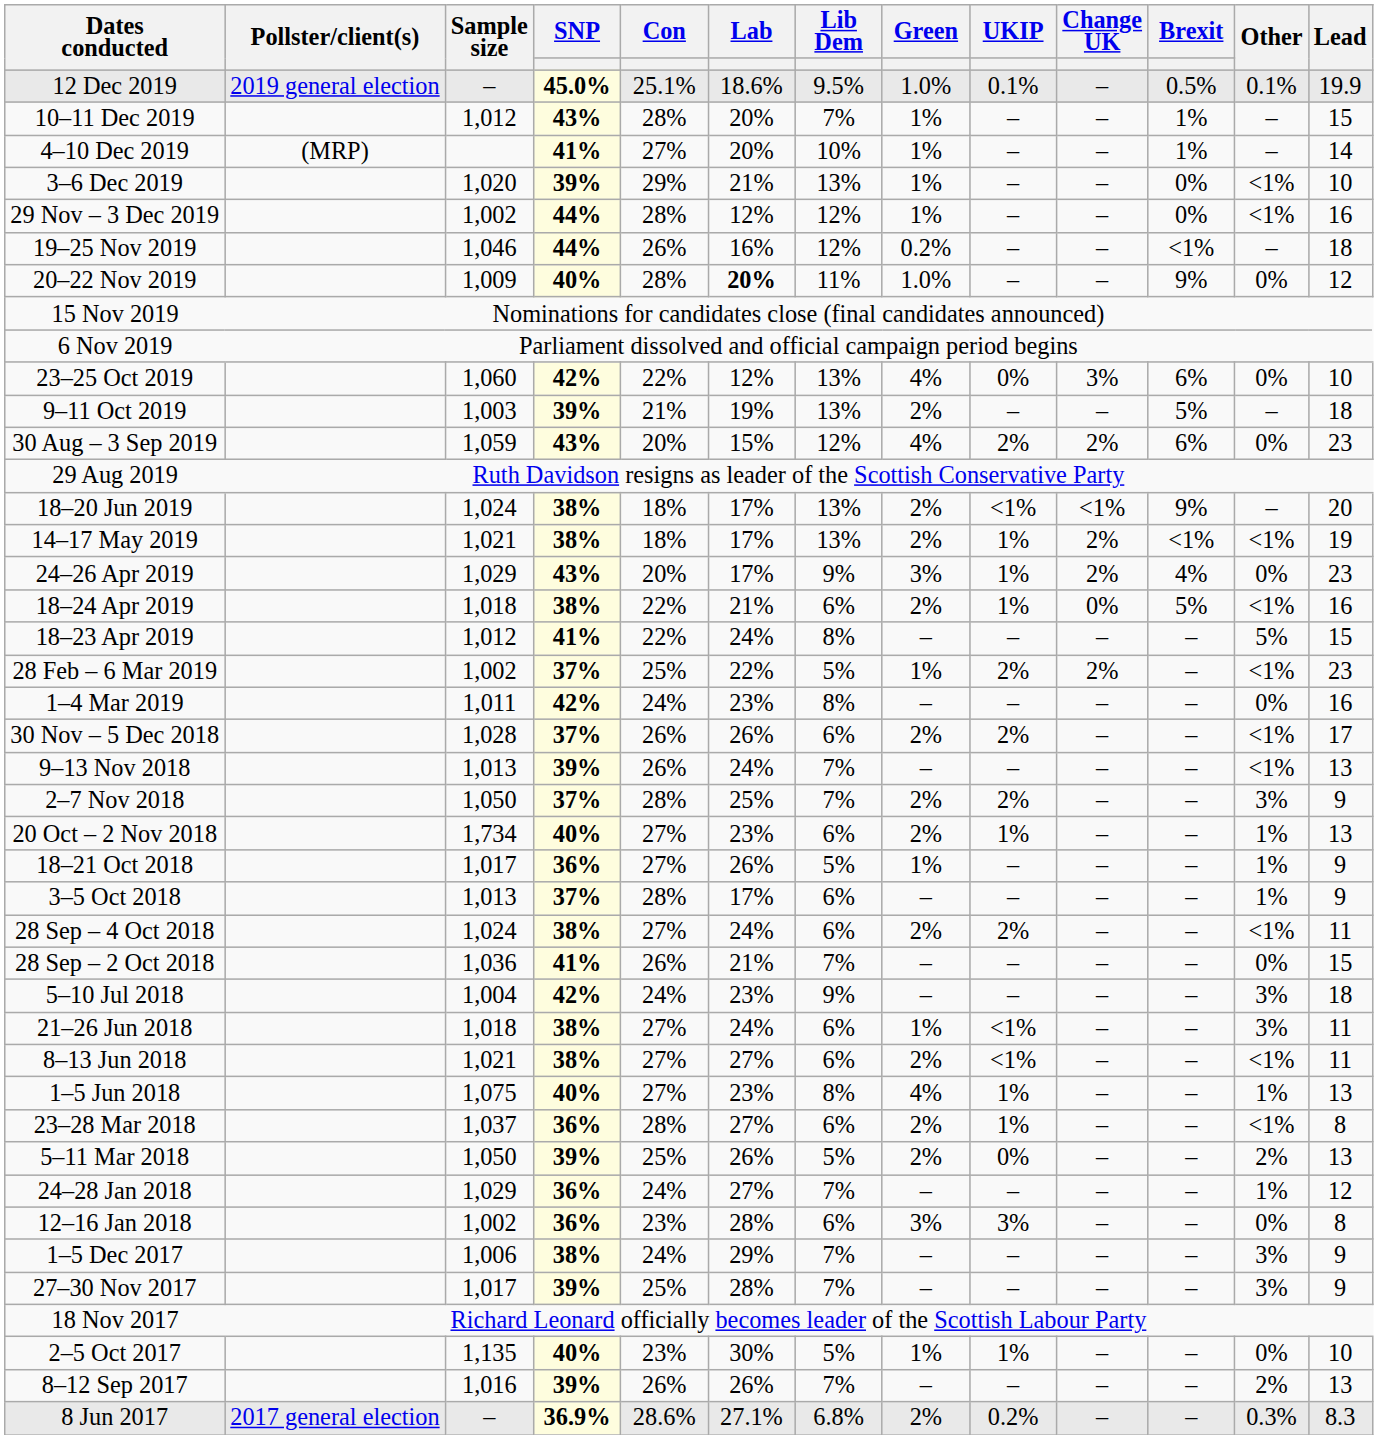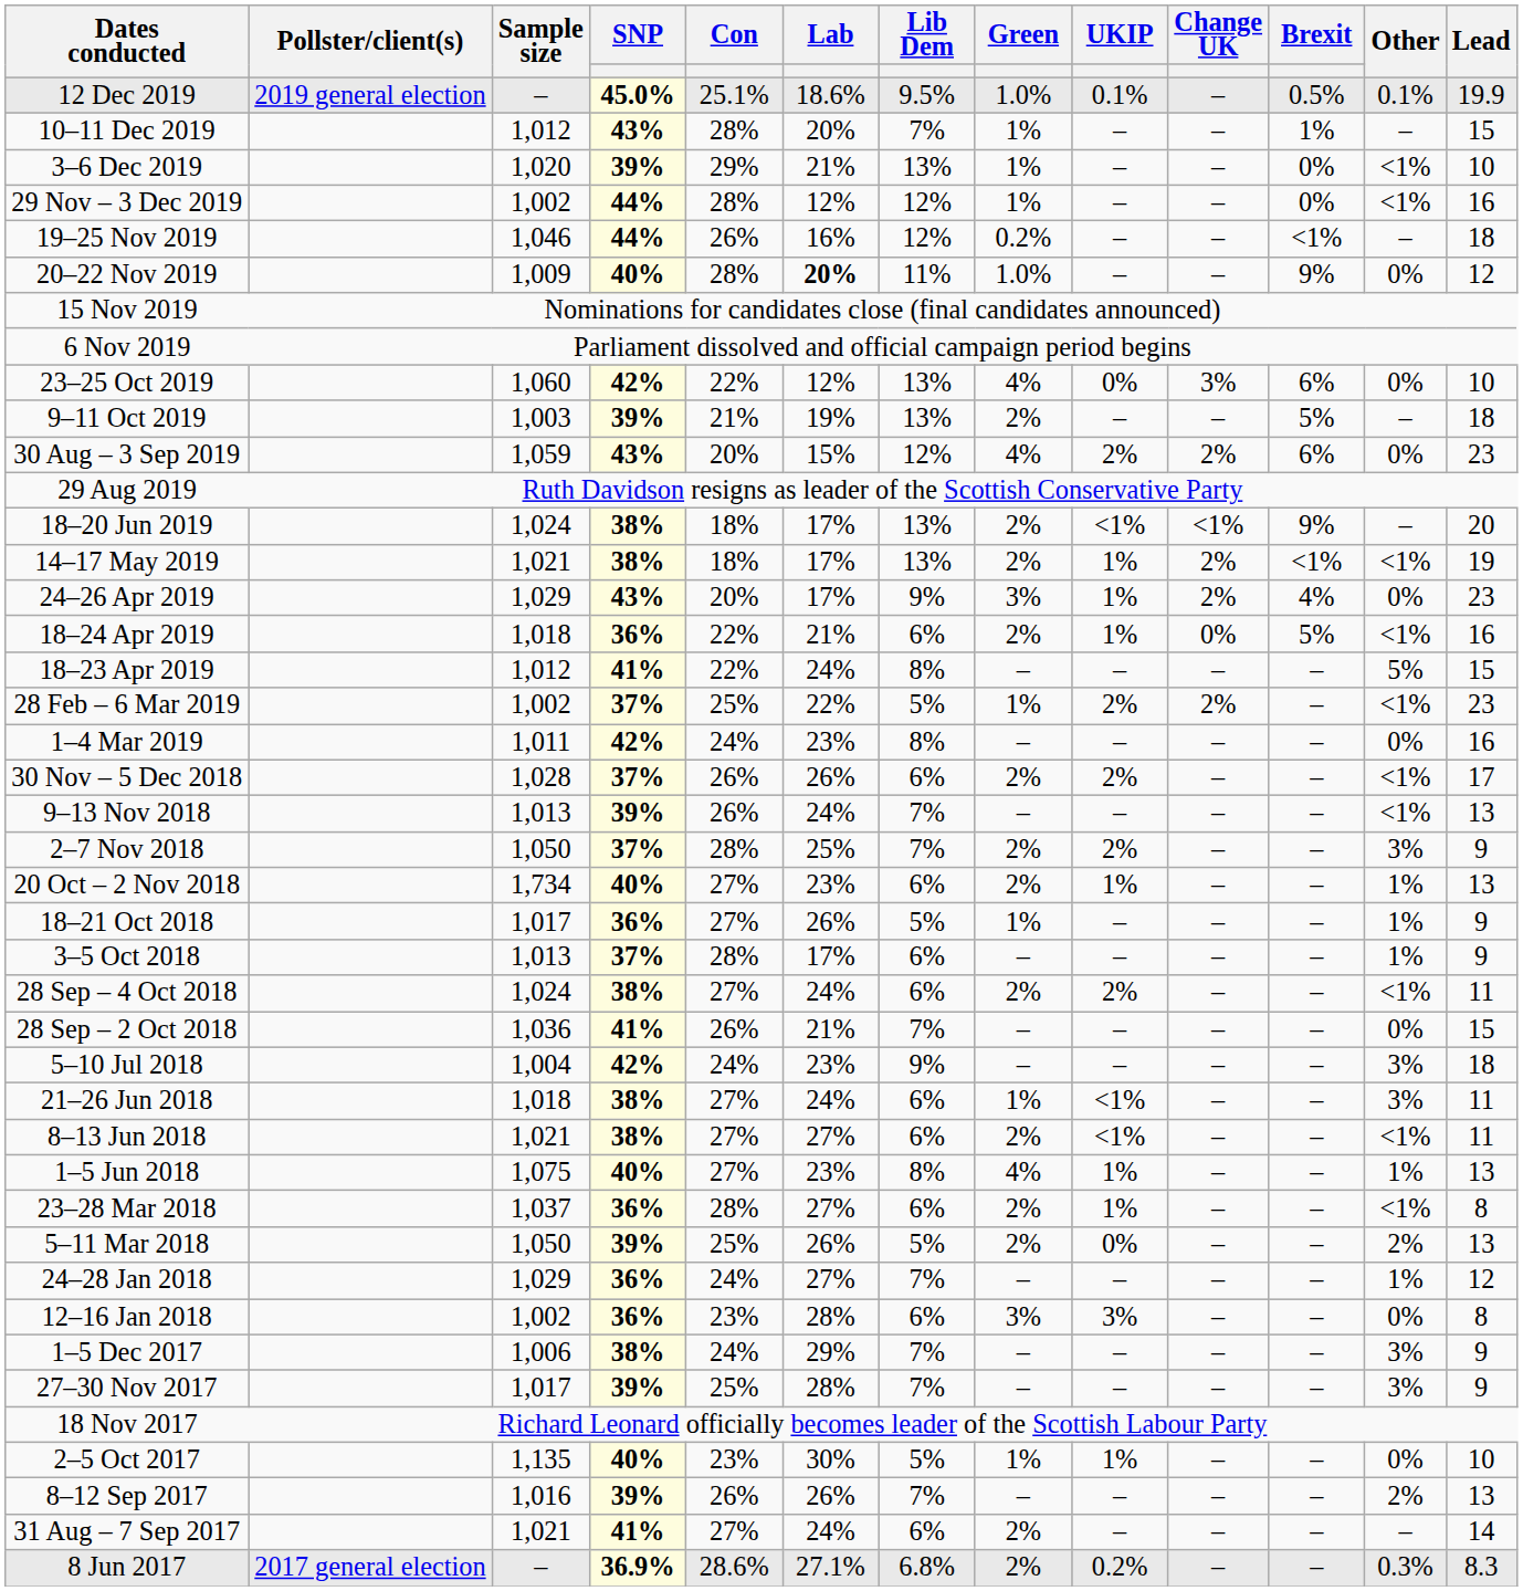 <table class="wikitable sortable mw-datatable" style="text-align:center;line-height:14px;">
 <tr>
 <th rowspan="2">Dates<br>conducted</th>
 <th rowspan="2">Pollster/client(s)</th>
 <th data-sort-type="number" rowspan="2">Sample<br>size</th>
 <th class="unsortable" style="width:50px;"><a href='#'>SNP</a></th>
 <th class="unsortable" style="width:50px;"><a href='#'>Con</a></th>
 <th class="unsortable" style="width:50px;"><a href='#'>Lab</a></th>
 <th class="unsortable" style="width:50px;"><a href='#'>Lib Dem</a></th>
 <th class="unsortable" style="width:50px;"><a href='#'>Green</a></th>
 <th class="unsortable" style="width:50px;"><a href='#'>UKIP</a></th>
 <th class="unsortable" style="width:50px;"><a href='#'>Change UK</a></th>
 <th class="unsortable" style="width:50px;"><a href='#'>Brexit</a></th>
 <th class="unsortable" rowspan="2">Other</th>
 <th data-sort-type="number" rowspan="2">Lead</th>
 </tr>
 <tr>
 <th data-sort-type="number" style="background:"></th>
 <th data-sort-type="number" style="background:"></th>
 <th data-sort-type="number" style="background:"></th>
 <th data-sort-type="number" style="background:"></th>
 <th data-sort-type="number" style="background:"></th>
 <th data-sort-type="number" style="background:"></th>
 <th data-sort-type="number" style="background:"></th>
 <th data-sort-type="number" style="background:"></th>
 </tr>
 <tr style="background:#E9E9E9;">
 <td data-sort-value="2017-06-08">12 Dec 2019</td>
 <td><a href='#'>2019 general election</a></td>
 <td>–</td>
 <td style="background:#FEFDDE;"><strong>45.0%</strong></td>
 <td>25.1%</td>
 <td>18.6%</td>
 <td>9.5%</td>
 <td>1.0%</td>
 <td>0.1%</td>
 <td>–</td>
 <td>0.5%</td>
 <td>0.1%</td>
 <td style="background:">19.9</td>
 </tr>
 <tr>
 <td data-sort-value="2019-12-11">10–11 Dec 2019</td>
 <td></td>
 <td>1,012</td>
 <td style="background:#FEFDDE;"><strong>43%</strong></td>
 <td>28%</td>
 <td>20%</td>
 <td>7%</td>
 <td>1%</td>
 <td>–</td>
 <td>–</td>
 <td>1%</td>
 <td>–</td>
 <td style="background:">15</td>
-</tr>
-<tr>
-<td data-sort-value="2019-12-10">4–10 Dec 2019</td>
-<td> (MRP)</td>
-<td></td>
-<td style="background:#FEFDDE;"><strong>41%</strong></td>
-<td>27%</td>
-<td>20%</td>
-<td>10%</td>
-<td>1%</td>
-<td>–</td>
-<td>–</td>
-<td>1%</td>
-<td>–</td>
-<td style="background:">14</td>
 </tr>
 <tr>
 <td data-sort-value="2019-12-06">3–6 Dec 2019</td>
 <td></td>
 <td>1,020</td>
 <td style="background:#FEFDDE;"><strong>39%</strong></td>
 <td>29%</td>
 <td>21%</td>
 <td>13%</td>
 <td>1%</td>
 <td>–</td>
 <td>–</td>
 <td>0%</td>
 <td><1%</td>
 <td style="background:">10</td>
 </tr>
 <tr>
 <td data-sort-value="2019-12-03">29 Nov – 3 Dec 2019</td>
 <td></td>
 <td>1,002</td>
 <td style="background:#FEFDDE;"><strong>44%</strong></td>
 <td>28%</td>
 <td>12%</td>
 <td>12%</td>
 <td>1%</td>
 <td>–</td>
 <td>–</td>
 <td>0%</td>
 <td data-sort-value="0%"><1%</td>
 <td style="background:">16</td>
 </tr>
 <tr>
 <td data-sort-value="2019-11-25">19–25 Nov 2019</td>
 <td></td>
 <td>1,046</td>
 <td style="background:#FEFDDE;"><strong>44%</strong></td>
 <td>26%</td>
 <td>16%</td>
 <td>12%</td>
 <td>0.2%</td>
 <td>–</td>
 <td>–</td>
 <td><1%</td>
 <td>–</td>
 <td style="background:">18</td>
 </tr>
 <tr>
 <td data-sort-value="2019-11-22">20–22 Nov 2019</td>
 <td></td>
 <td>1,009</td>
 <td style="background:#FEFDDE;"><strong>40%</strong></td>
 <td>28%</td>
 <td><strong>20%</strong></td>
 <td>11%</td>
 <td>1.0%</td>
 <td data-sort-value="0%">–</td>
 <td data-sort-value="0%">–</td>
 <td>9%</td>
 <td>0%</td>
 <td style="background:">12</td>
 </tr>
 <tr>
 <td style="border-right-style:hidden;" data-sort-value="2019-11-15">15 Nov 2019</td>
 <td colspan="12" style="border-right-style:hidden;">Nominations for candidates close (final candidates announced)</td>
 </tr>
 <tr>
 <td style="border-right-style:hidden;" data-sort-value="2019-11-06">6 Nov 2019</td>
 <td colspan="12" style="border-right-style:hidden;">Parliament dissolved and official campaign period begins</td>
 </tr>
 <tr>
 <td data-sort-value="2019-10-25">23–25 Oct 2019</td>
 <td></td>
 <td>1,060</td>
 <td style="background:#FEFDDE;"><strong>42%</strong></td>
 <td>22%</td>
 <td>12%</td>
 <td>13%</td>
 <td>4%</td>
 <td>0%</td>
 <td>3%</td>
 <td>6%</td>
 <td>0%</td>
 <td style="background:">10</td>
 </tr>
 <tr>
 <td data-sort-value="2019-10-11">9–11 Oct 2019</td>
 <td></td>
 <td>1,003</td>
 <td style="background:#FEFDDE;"><strong>39%</strong></td>
 <td>21%</td>
 <td>19%</td>
 <td>13%</td>
 <td>2%</td>
 <td data-sort-value="0%">–</td>
 <td data-sort-value="0%">–</td>
 <td>5%</td>
 <td>–</td>
 <td style="background:">18</td>
 </tr>
 <tr>
 <td data-sort-value="2019-09-04">30 Aug – 3 Sep 2019</td>
 <td></td>
 <td>1,059</td>
 <td style="background:#FEFDDE;"><strong>43%</strong></td>
 <td>20%</td>
 <td>15%</td>
 <td>12%</td>
 <td>4%</td>
 <td>2%</td>
 <td>2%</td>
 <td>6%</td>
 <td>0%</td>
 <td style="background:">23</td>
 </tr>
 <tr>
 <td style="border-right-style:hidden;" data-sort-value="2019-08-29">29 Aug 2019</td>
 <td colspan="12" style="border-right-style:hidden;"><a href='#'>Ruth Davidson</a> resigns as leader of the <a href='#'>Scottish Conservative Party</a></td>
 </tr>
 <tr>
 <td data-sort-value="2019-06-20">18–20 Jun 2019</td>
 <td></td>
 <td>1,024</td>
 <td style="background:#FEFDDE;"><strong>38%</strong></td>
 <td>18%</td>
 <td>17%</td>
 <td>13%</td>
 <td>2%</td>
 <td data-sort-value="0%"><1%</td>
 <td data-sort-value="0%"><1%</td>
 <td>9%</td>
 <td>–</td>
 <td style="background:">20</td>
 </tr>
 <tr>
 <td data-sort-value="2019-05-17">14–17 May 2019</td>
 <td></td>
 <td>1,021</td>
 <td style="background:#FEFDDE;"><strong>38%</strong></td>
 <td>18%</td>
 <td>17%</td>
 <td>13%</td>
 <td>2%</td>
 <td>1%</td>
 <td>2%</td>
 <td><1%</td>
 <td data-sort-value="0%"><1%</td>
 <td style="background:">19</td>
 </tr>
 <tr>
 <td data-sort-value="2019-04-26">24–26 Apr 2019</td>
 <td></td>
 <td>1,029</td>
 <td style="background:#FEFDDE;"><strong>43%</strong></td>
 <td>20%</td>
 <td>17%</td>
 <td>9%</td>
 <td>3%</td>
 <td>1%</td>
 <td>2%</td>
 <td>4%</td>
 <td>0%</td>
 <td style="background:">23</td>
 </tr>
 <tr>
 <td data-sort-value="2019-04-24">18–24 Apr 2019</td>
 <td></td>
 <td>1,018</td>
-<td style="background:#FEFDDE;"><strong>38%</strong></td>
+<td style="background:#FEFDDE;"><strong>36%</strong></td>
 <td>22%</td>
 <td>21%</td>
 <td>6%</td>
 <td>2%</td>
 <td>1%</td>
 <td>0%</td>
 <td>5%</td>
 <td data-sort-value="0%"><1%</td>
 <td style="background:">16</td>
 </tr>
 <tr>
 <td data-sort-value="2019-04-23">18–23 Apr 2019</td>
 <td></td>
 <td>1,012</td>
 <td style="background:#FEFDDE;"><strong>41%</strong></td>
 <td>22%</td>
 <td>24%</td>
 <td>8%</td>
 <td>–</td>
 <td>–</td>
 <td>–</td>
 <td>–</td>
 <td>5%</td>
 <td style="background:">15</td>
 </tr>
 <tr>
 <td data-sort-value="2019-03-06">28 Feb – 6 Mar 2019</td>
 <td></td>
 <td>1,002</td>
 <td style="background:#FEFDDE;"><strong>37%</strong></td>
 <td>25%</td>
 <td>22%</td>
 <td>5%</td>
 <td>1%</td>
 <td>2%</td>
 <td>2%</td>
 <td>–</td>
 <td data-sort-value="0%"><1%</td>
 <td style="background:">23</td>
 </tr>
 <tr>
 <td data-sort-value="2019-03-04">1–4 Mar 2019</td>
 <td></td>
 <td>1,011</td>
 <td style="background:#FEFDDE;"><strong>42%</strong></td>
 <td>24%</td>
 <td>23%</td>
 <td>8%</td>
 <td>–</td>
 <td>–</td>
 <td>–</td>
 <td>–</td>
 <td>0%</td>
 <td style="background:">16</td>
 </tr>
 <tr>
 <td data-sort-value="2018-12-05">30 Nov – 5 Dec 2018</td>
 <td></td>
 <td>1,028</td>
 <td style="background:#FEFDDE;"><strong>37%</strong></td>
 <td>26%</td>
 <td>26%</td>
 <td>6%</td>
 <td>2%</td>
 <td>2%</td>
 <td>–</td>
 <td>–</td>
 <td data-sort-value="0%"><1%</td>
 <td style="background:">17</td>
 </tr>
 <tr>
 <td data-sort-value="2018-11-13">9–13 Nov 2018</td>
 <td></td>
 <td>1,013</td>
 <td style="background:#FEFDDE;"><strong>39%</strong></td>
 <td>26%</td>
 <td>24%</td>
 <td>7%</td>
 <td>–</td>
 <td>–</td>
 <td>–</td>
 <td>–</td>
 <td data-sort-value="0%"><1%</td>
 <td style="background:">13</td>
 </tr>
 <tr>
 <td data-sort-value="2018-11-07">2–7 Nov 2018</td>
 <td></td>
 <td>1,050</td>
 <td style="background:#FEFDDE;"><strong>37%</strong></td>
 <td>28%</td>
 <td>25%</td>
 <td>7%</td>
 <td>2%</td>
 <td>2%</td>
 <td>–</td>
 <td>–</td>
 <td>3%</td>
 <td style="background:">9</td>
 </tr>
 <tr>
 <td data-sort-value="2018-11-02">20 Oct – 2 Nov 2018</td>
 <td></td>
 <td>1,734</td>
 <td style="background:#FEFDDE;"><strong>40%</strong></td>
 <td>27%</td>
 <td>23%</td>
 <td>6%</td>
 <td>2%</td>
 <td>1%</td>
 <td>–</td>
 <td>–</td>
 <td>1%</td>
 <td style="background:">13</td>
 </tr>
 <tr>
 <td data-sort-value="2018-10-21">18–21 Oct 2018</td>
 <td></td>
 <td>1,017</td>
 <td style="background:#FEFDDE;"><strong>36%</strong></td>
 <td>27%</td>
 <td>26%</td>
 <td>5%</td>
 <td>1%</td>
 <td>–</td>
 <td>–</td>
 <td>–</td>
 <td>1%</td>
 <td style="background:">9</td>
 </tr>
 <tr>
 <td data-sort-value="2018-10-05">3–5 Oct 2018</td>
 <td></td>
 <td>1,013</td>
 <td style="background:#FEFDDE;"><strong>37%</strong></td>
 <td>28%</td>
 <td>17%</td>
 <td>6%</td>
 <td>–</td>
 <td>–</td>
 <td>–</td>
 <td>–</td>
 <td>1%</td>
 <td style="background:">9</td>
 </tr>
 <tr>
 <td data-sort-value="2018-10-04">28 Sep – 4 Oct 2018</td>
 <td></td>
 <td>1,024</td>
 <td style="background:#FEFDDE;"><strong>38%</strong></td>
 <td>27%</td>
 <td>24%</td>
 <td>6%</td>
 <td>2%</td>
 <td>2%</td>
 <td>–</td>
 <td>–</td>
 <td data-sort-value="0%"><1%</td>
 <td style="background:">11</td>
 </tr>
 <tr>
 <td data-sort-value="2018-10-02">28 Sep – 2 Oct 2018</td>
 <td></td>
 <td>1,036</td>
 <td style="background:#FEFDDE;"><strong>41%</strong></td>
 <td>26%</td>
 <td>21%</td>
 <td>7%</td>
 <td>–</td>
 <td>–</td>
 <td>–</td>
 <td>–</td>
 <td>0%</td>
 <td style="background:">15</td>
 </tr>
 <tr>
 <td data-sort-value="2018-07-10">5–10 Jul 2018</td>
 <td></td>
 <td>1,004</td>
 <td style="background:#FEFDDE;"><strong>42%</strong></td>
 <td>24%</td>
 <td>23%</td>
 <td>9%</td>
 <td>–</td>
 <td>–</td>
 <td>–</td>
 <td>–</td>
 <td>3%</td>
 <td style="background:">18</td>
 </tr>
 <tr>
 <td data-sort-value="2018-06-26">21–26 Jun 2018</td>
 <td></td>
 <td>1,018</td>
 <td style="background:#FEFDDE;"><strong>38%</strong></td>
 <td>27%</td>
 <td>24%</td>
 <td>6%</td>
 <td>1%</td>
 <td data-sort-value="0%"><1%</td>
 <td>–</td>
 <td>–</td>
 <td>3%</td>
 <td style="background:">11</td>
 </tr>
 <tr>
 <td data-sort-value="2018-06-13">8–13 Jun 2018</td>
 <td></td>
 <td>1,021</td>
 <td style="background:#FEFDDE;"><strong>38%</strong></td>
 <td>27%</td>
 <td>27%</td>
 <td>6%</td>
 <td>2%</td>
 <td data-sort-value="0%"><1%</td>
 <td>–</td>
 <td>–</td>
 <td data-sort-value="0%"><1%</td>
 <td style="background:">11</td>
 </tr>
 <tr>
 <td data-sort-value="2018-06-05">1–5 Jun 2018</td>
 <td></td>
 <td>1,075</td>
 <td style="background:#FEFDDE;"><strong>40%</strong></td>
 <td>27%</td>
 <td>23%</td>
 <td>8%</td>
 <td>4%</td>
 <td>1%</td>
 <td>–</td>
 <td>–</td>
 <td>1%</td>
 <td style="background:">13</td>
 </tr>
 <tr>
 <td data-sort-value="2018-03-28">23–28 Mar 2018</td>
 <td></td>
 <td>1,037</td>
 <td style="background:#FEFDDE;"><strong>36%</strong></td>
 <td>28%</td>
 <td>27%</td>
 <td>6%</td>
 <td>2%</td>
 <td>1%</td>
 <td>–</td>
 <td>–</td>
 <td data-sort-value="0%"><1%</td>
 <td style="background:">8</td>
 </tr>
 <tr>
 <td data-sort-value="2018-03-11">5–11 Mar 2018</td>
 <td></td>
 <td>1,050</td>
 <td style="background:#FEFDDE;"><strong>39%</strong></td>
 <td>25%</td>
 <td>26%</td>
 <td>5%</td>
 <td>2%</td>
 <td>0%</td>
 <td>–</td>
 <td>–</td>
 <td>2%</td>
 <td style="background:">13</td>
 </tr>
 <tr>
 <td data-sort-value="2018-01-28">24–28 Jan 2018</td>
 <td></td>
 <td>1,029</td>
 <td style="background:#FEFDDE;"><strong>36%</strong></td>
 <td>24%</td>
 <td>27%</td>
 <td>7%</td>
 <td>–</td>
 <td>–</td>
 <td>–</td>
 <td>–</td>
 <td>1%</td>
 <td style="background:">12</td>
 </tr>
 <tr>
 <td data-sort-value="2018-01-16">12–16 Jan 2018</td>
 <td></td>
 <td>1,002</td>
 <td style="background:#FEFDDE;"><strong>36%</strong></td>
 <td>23%</td>
 <td>28%</td>
 <td>6%</td>
 <td>3%</td>
 <td>3%</td>
 <td>–</td>
 <td>–</td>
 <td>0%</td>
 <td style="background:">8</td>
 </tr>
 <tr>
 <td data-sort-value="2017-12-05">1–5 Dec 2017</td>
 <td></td>
 <td>1,006</td>
 <td style="background:#FEFDDE;"><strong>38%</strong></td>
 <td>24%</td>
 <td>29%</td>
 <td>7%</td>
 <td>–</td>
 <td>–</td>
 <td>–</td>
 <td>–</td>
 <td>3%</td>
 <td style="background:">9</td>
 </tr>
 <tr>
 <td data-sort-value="2017-11-30">27–30 Nov 2017</td>
 <td></td>
 <td>1,017</td>
 <td style="background:#FEFDDE;"><strong>39%</strong></td>
 <td>25%</td>
 <td>28%</td>
 <td>7%</td>
 <td>–</td>
 <td>–</td>
 <td>–</td>
 <td>–</td>
 <td>3%</td>
 <td style="background:">9</td>
 </tr>
 <tr>
 <td style="border-right-style:hidden;" data-sort-value="2017-11-18">18 Nov 2017</td>
 <td colspan="12" style="border-right-style:hidden;"><a href='#'>Richard Leonard</a> officially <a href='#'>becomes leader</a> of the <a href='#'>Scottish Labour Party</a></td>
 </tr>
 <tr>
 <td data-sort-value="2017-10-05">2–5 Oct 2017</td>
 <td></td>
 <td>1,135</td>
 <td style="background:#FEFDDE;"><strong>40%</strong></td>
 <td>23%</td>
 <td>30%</td>
 <td>5%</td>
 <td>1%</td>
 <td>1%</td>
 <td>–</td>
 <td>–</td>
 <td>0%</td>
 <td style="background:">10</td>
 </tr>
 <tr>
 <td data-sort-value="2017-09-12">8–12 Sep 2017</td>
 <td></td>
 <td>1,016</td>
 <td style="background:#FEFDDE;"><strong>39%</strong></td>
 <td>26%</td>
 <td>26%</td>
 <td>7%</td>
 <td>–</td>
 <td>–</td>
 <td>–</td>
 <td>–</td>
 <td>2%</td>
 <td style="background:">13</td>
 </tr>
+<tr>
+<td data-sort-value="2017-09-07">31 Aug – 7 Sep 2017</td>
+<td></td>
+<td>1,021</td>
+<td style="background:#FEFDDE;"><strong>41%</strong></td>
+<td>27%</td>
+<td>24%</td>
+<td>6%</td>
+<td>2%</td>
+<td>–</td>
+<td>–</td>
+<td>–</td>
+<td>–</td>
+<td style="background:">14</td>
+</tr>
 <tr style="background:#E9E9E9;">
 <td data-sort-value="2017-06-08">8 Jun 2017</td>
 <td><a href='#'>2017 general election</a></td>
 <td>–</td>
 <td style="background:#FEFDDE;"><strong>36.9%</strong></td>
 <td>28.6%</td>
 <td>27.1%</td>
 <td>6.8%</td>
 <td>2%</td>
 <td>0.2%</td>
 <td>–</td>
 <td>–</td>
 <td>0.3%</td>
 <td style="background:">8.3</td>
 </tr>
 </table>
